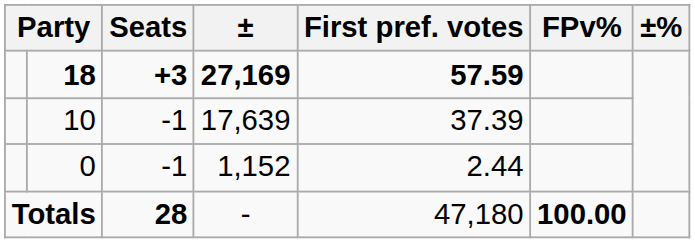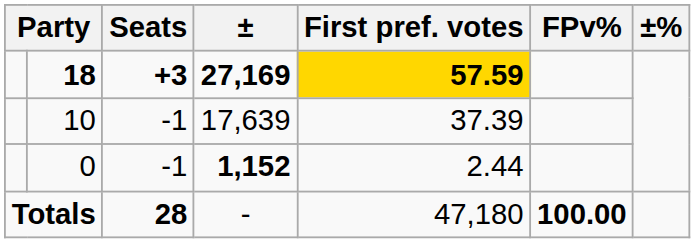 <table class=wikitable>
 <tr>
 <th colspan=2 align=center>Party</th>
 <th valign=top>Seats</th>
 <th valign=top>±</th>
 <th valign=top>First pref. votes</th>
 <th valign=top>FPv%</th>
 <th valign=top>±%</th>
 </tr>
 <tr>
 <td></td>
 <td align=right><strong>18</strong></td>
 <td align=right><strong>+3</strong></td>
 <td align=right><strong>27,169</strong></td>
-<td align=right><strong>57.59</strong></td>
+<td align=right style="background: gold;"><strong>57.59</strong></td>
 <td align=right></td>
 </tr>
 <tr>
 <td></td>
 <td align=right>10</td>
 <td align=right>-1</td>
 <td align=right>17,639</td>
 <td align=right>37.39</td>
 <td align=right></td>
 </tr>
 <tr>
 <td></td>
 <td align=right>0</td>
 <td align=right>-1</td>
-<td align=right>1,152</td>
+<td align=right><strong>1,152</strong></td>
 <td align=right>2.44</td>
 <td align=right></td>
 </tr>
 <tr>
 <td colspan=2 align=center><strong>Totals</strong></td>
 <td align=right><strong>28</strong></td>
 <td align=center>-</td>
 <td align=right>47,180</td>
 <td align=center><strong>100.00</strong></td>
 <td align=center></td>
 </tr>
 </table>
